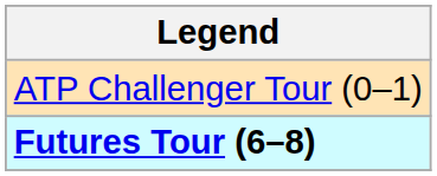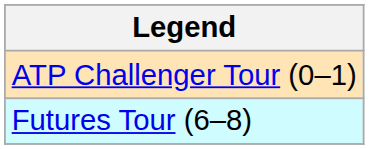 <table class="wikitable">
 <tr>
 <th>Legend</th>
 </tr>
 <tr style="background:moccasin">
 <td><a href='#'>ATP Challenger Tour</a> (0–1)</td>
 </tr>
 <tr style="background:#CFFCFF;">
-<td><strong><a href='#'>Futures Tour</a> (6–8)</strong></td>
+<td><a href='#'>Futures Tour</a> (6–8)</td>
 </tr>
 </table>
